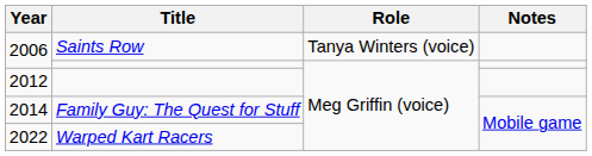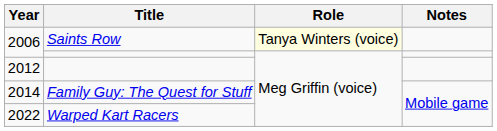 <table class="wikitable sortable">
 <tr>
 <th>Year</th>
 <th>Title</th>
 <th>Role</th>
 <th>Notes</th>
 </tr>
 <tr>
 <td rowspan="2">2006</td>
 <td><em><a href='#'>Saints Row</a></em></td>
-<td>Tanya Winters (voice)</td>
+<td style="background: lightyellow;">Tanya Winters (voice)</td>
 <td></td>
 </tr>
 <tr>
 <td><em></em></td>
 <td rowspan=4>Meg Griffin (voice)</td>
 <td></td>
 </tr>
 <tr>
 <td>2012</td>
 <td><em></em></td>
 <td></td>
 </tr>
 <tr>
 <td>2014</td>
 <td><em><a href='#'>Family Guy: The Quest for Stuff</a></em></td>
 <td rowspan=2><a href='#'>Mobile game</a></td>
 </tr>
 <tr>
 <td>2022</td>
 <td><em><a href='#'>Warped Kart Racers</a></em></td>
 </tr>
 </table>
